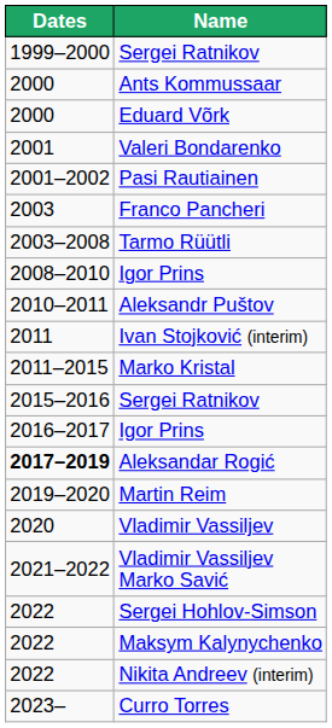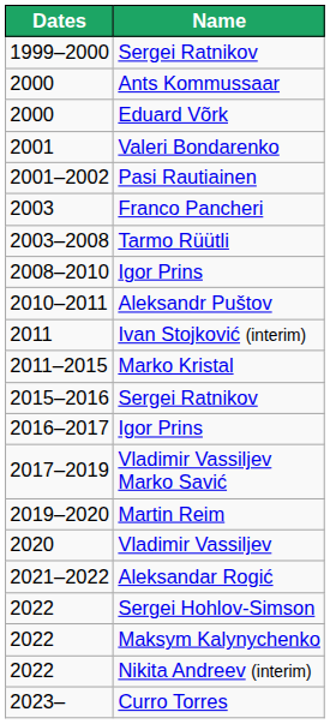 <table class="wikitable">
 <tr>
 <th style="background:#1ca564; color:white; border:1px solid #000;">Dates</th>
 <th style="background:#1ca564; color:white; border:1px solid #000;">Name</th>
 </tr>
 <tr>
 <td>1999–2000</td>
 <td> <a href='#'>Sergei Ratnikov</a></td>
 </tr>
 <tr>
 <td>2000</td>
 <td> <a href='#'>Ants Kommussaar</a></td>
 </tr>
 <tr>
 <td>2000</td>
 <td> <a href='#'>Eduard Võrk</a></td>
 </tr>
 <tr>
 <td>2001</td>
 <td> <a href='#'>Valeri Bondarenko</a></td>
 </tr>
 <tr>
 <td>2001–2002</td>
 <td> <a href='#'>Pasi Rautiainen</a></td>
 </tr>
 <tr>
 <td>2003</td>
 <td> <a href='#'>Franco Pancheri</a></td>
 </tr>
 <tr>
 <td>2003–2008</td>
 <td> <a href='#'>Tarmo Rüütli</a></td>
 </tr>
 <tr>
 <td>2008–2010</td>
 <td> <a href='#'>Igor Prins</a></td>
 </tr>
 <tr>
 <td>2010–2011</td>
 <td> <a href='#'>Aleksandr Puštov</a></td>
 </tr>
 <tr>
 <td>2011</td>
 <td> <a href='#'>Ivan Stojković</a> <small>(interim)</small></td>
 </tr>
 <tr>
 <td>2011–2015</td>
 <td> <a href='#'>Marko Kristal</a></td>
 </tr>
 <tr>
 <td>2015–2016</td>
 <td> <a href='#'>Sergei Ratnikov</a></td>
 </tr>
 <tr>
 <td>2016–2017</td>
 <td> <a href='#'>Igor Prins</a></td>
 </tr>
 <tr>
-<td><strong>2017–2019</strong></td>
-<td> <a href='#'>Aleksandar Rogić</a></td>
+<td>2017–2019</td>
+<td> <a href='#'>Vladimir Vassiljev</a><br> <a href='#'>Marko Savić</a></td>
 </tr>
 <tr>
 <td>2019–2020</td>
 <td> <a href='#'>Martin Reim</a></td>
 </tr>
 <tr>
 <td>2020</td>
 <td> <a href='#'>Vladimir Vassiljev</a></td>
 </tr>
 <tr>
 <td>2021–2022</td>
-<td> <a href='#'>Vladimir Vassiljev</a><br> <a href='#'>Marko Savić</a></td>
+<td> <a href='#'>Aleksandar Rogić</a></td>
 </tr>
 <tr>
 <td>2022</td>
 <td> <a href='#'>Sergei Hohlov-Simson</a></td>
 </tr>
 <tr>
 <td>2022</td>
 <td> <a href='#'>Maksym Kalynychenko</a></td>
 </tr>
 <tr>
 <td>2022</td>
 <td> <a href='#'>Nikita Andreev</a> <small>(interim)</small></td>
 </tr>
 <tr>
 <td>2023–</td>
 <td> <a href='#'>Curro Torres</a></td>
 </tr>
 </table>
